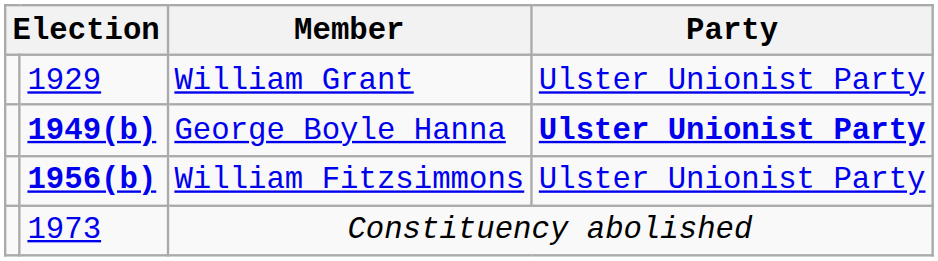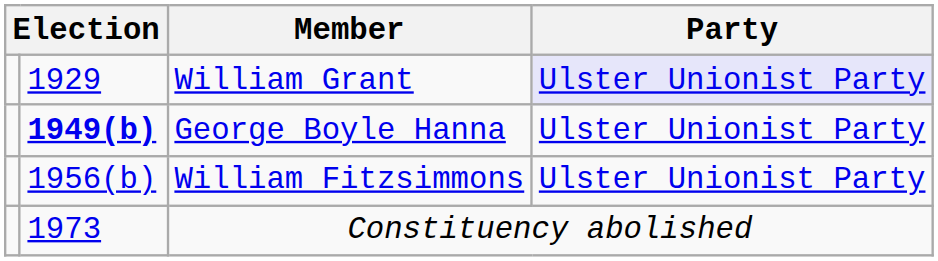 <table class="wikitable">
 <tr>
 <th colspan="2">Election</th>
 <th>Member</th>
 <th>Party</th>
 </tr>
 <tr>
 <td rowspan="1" style="background-color: "></td>
 <td><a href='#'>1929</a></td>
 <td rowspan="1"><a href='#'>William Grant</a></td>
-<td rowspan="1"><a href='#'>Ulster Unionist Party</a></td>
+<td rowspan="1" style="background: lavender;"><a href='#'>Ulster Unionist Party</a></td>
 </tr>
 <tr>
 <td rowspan="1" style="background-color: "></td>
 <td><strong><a href='#'>1949(b)</a></strong></td>
 <td rowspan="1"><a href='#'>George Boyle Hanna</a></td>
-<td rowspan="1"><strong><a href='#'>Ulster Unionist Party</a></strong></td>
+<td rowspan="1"><a href='#'>Ulster Unionist Party</a></td>
 </tr>
 <tr>
 <td rowspan="1" style="background-color: "></td>
-<td><strong><a href='#'>1956(b)</a></strong></td>
+<td><a href='#'>1956(b)</a></td>
 <td rowspan="1"><a href='#'>William Fitzsimmons</a></td>
 <td rowspan="1"><a href='#'>Ulster Unionist Party</a></td>
 </tr>
 <tr>
 <td></td>
 <td><a href='#'>1973</a></td>
 <td colspan="3" align=center><em>Constituency abolished</em></td>
 </tr>
 </table>
